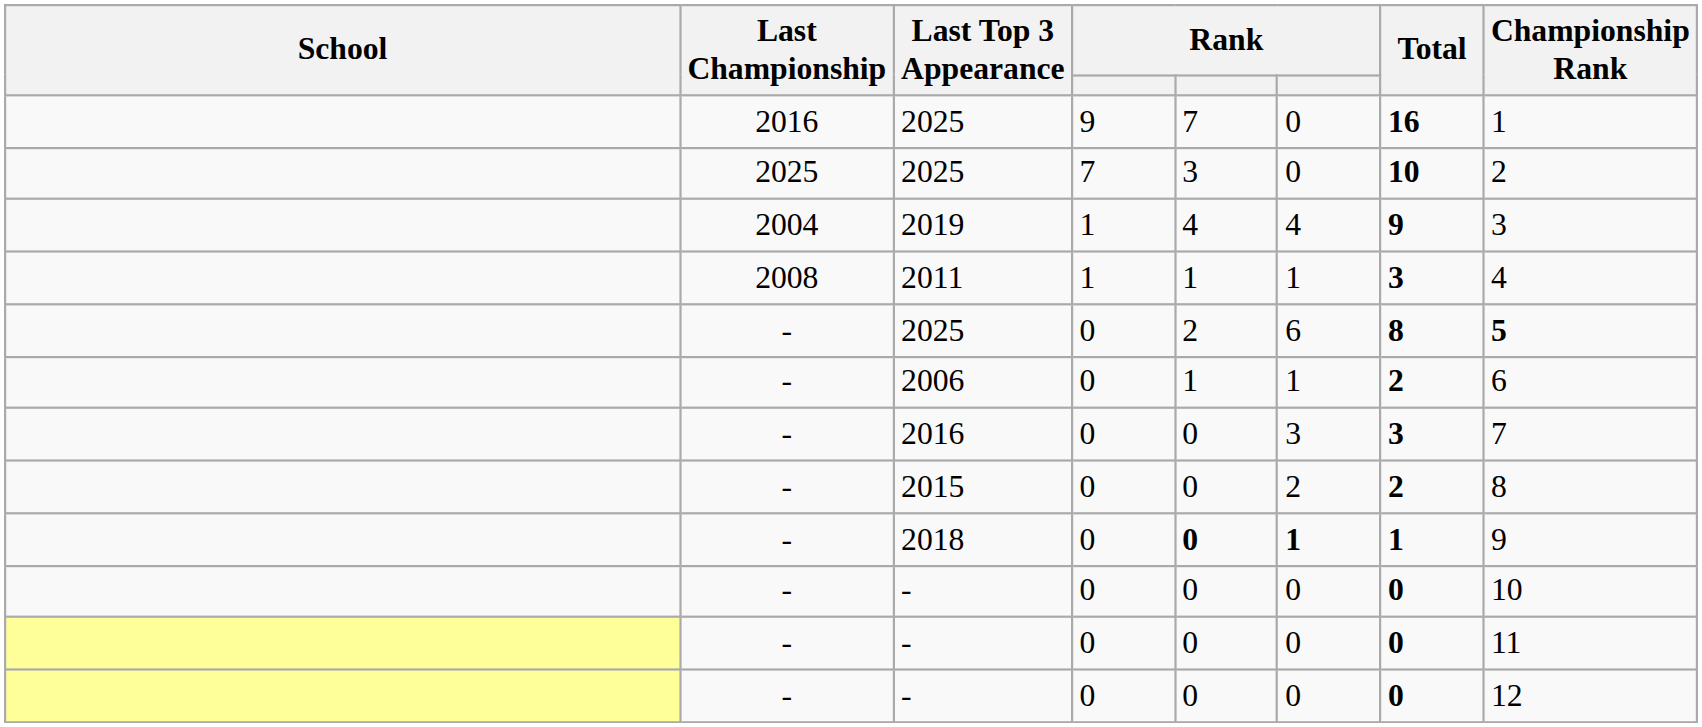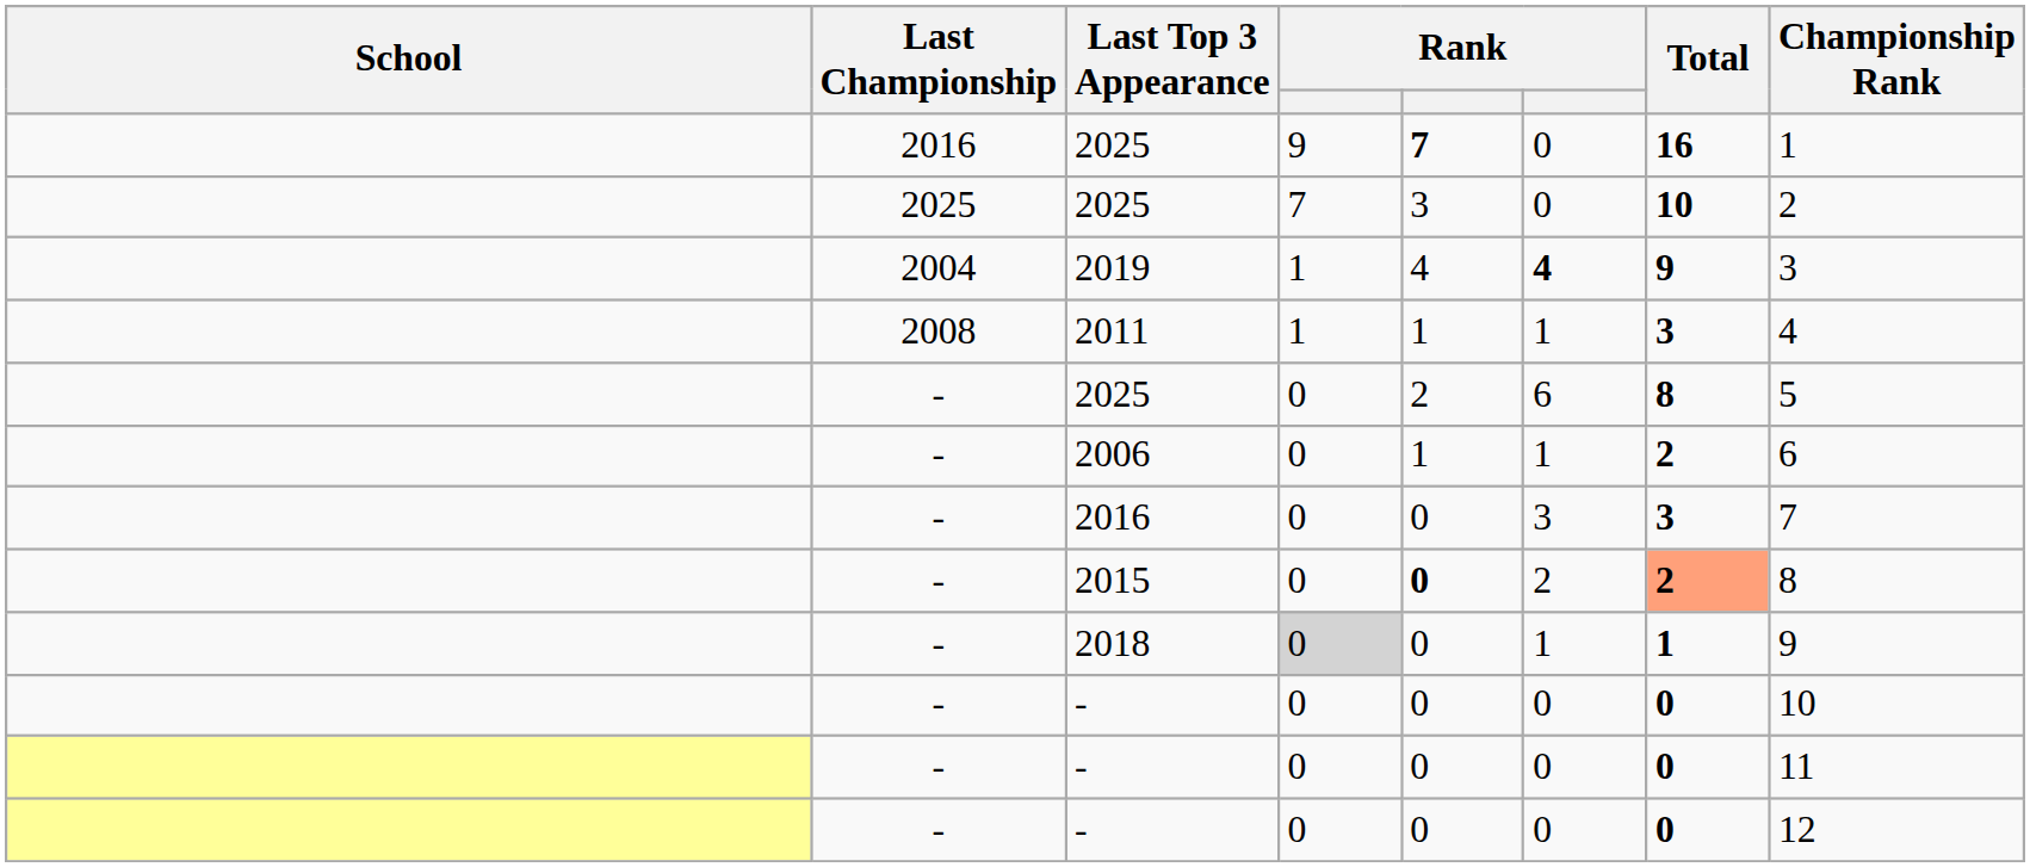 <table class="wikitable sortable" style="text align:center; font-size:90%;">
 <tr bgcolor="#efefef">
 <th rowspan=2 width=300px>School</th>
 <th rowspan=2>Last<br>Championship</th>
 <th rowspan=2>Last Top 3<br>Appearance</th>
 <th colspan=3>Rank</th>
 <th rowspan=2 width=40px>Total</th>
 <th rowspan=2 width=40px>Championship Rank</th>
 </tr>
 <tr>
 <th width=40px></th>
 <th width=40px></th>
 <th width=40px></th>
 </tr>
 <tr>
 <td><strong></strong></td>
 <td align="center">2016</td>
 <td>2025</td>
 <td>9</td>
-<td>7</td>
+<td><strong>7</strong></td>
 <td>0</td>
 <td><strong>16</strong></td>
 <td>1</td>
 </tr>
 <tr>
 <td><strong></strong></td>
 <td align="center">2025</td>
 <td>2025</td>
 <td>7</td>
 <td>3</td>
 <td>0</td>
 <td><strong>10</strong></td>
 <td>2</td>
 </tr>
 <tr>
 <td><strong></strong></td>
 <td align="center">2004</td>
 <td>2019</td>
 <td>1</td>
 <td>4</td>
-<td>4</td>
+<td><strong>4</strong></td>
 <td><strong>9</strong></td>
 <td>3</td>
 </tr>
 <tr>
 <td><strong></strong></td>
 <td align="center">2008</td>
 <td>2011</td>
 <td>1</td>
 <td>1</td>
 <td>1</td>
 <td><strong>3</strong></td>
 <td>4</td>
 </tr>
 <tr>
 <td><strong></strong></td>
 <td align="center">-</td>
 <td>2025</td>
 <td>0</td>
 <td>2</td>
 <td>6</td>
 <td><strong>8</strong></td>
-<td><strong>5</strong></td>
+<td>5</td>
 </tr>
 <tr>
 <td><strong></strong></td>
 <td align="center">-</td>
 <td>2006</td>
 <td>0</td>
 <td>1</td>
 <td>1</td>
 <td><strong>2</strong></td>
 <td>6</td>
 </tr>
 <tr>
 <td><strong></strong></td>
 <td align="center">-</td>
 <td>2016</td>
 <td>0</td>
 <td>0</td>
 <td>3</td>
 <td><strong>3</strong></td>
 <td>7</td>
 </tr>
 <tr>
 <td><strong></strong></td>
 <td align="center">-</td>
 <td>2015</td>
 <td>0</td>
-<td>0</td>
+<td><strong>0</strong></td>
 <td>2</td>
-<td><strong>2</strong></td>
+<td style="background: lightsalmon;"><strong>2</strong></td>
 <td>8</td>
 </tr>
 <tr>
 <td><strong></strong></td>
 <td align="center">-</td>
 <td>2018</td>
+<td style="background: lightgrey;">0</td>
 <td>0</td>
-<td><strong>0</strong></td>
-<td><strong>1</strong></td>
+<td>1</td>
 <td><strong>1</strong></td>
 <td>9</td>
 </tr>
 <tr>
 <td><strong></strong></td>
 <td align="center">-</td>
 <td>-</td>
 <td>0</td>
 <td>0</td>
 <td>0</td>
 <td><strong>0</strong></td>
 <td>10</td>
 </tr>
 <tr>
 <td bgcolor="#FFFF99"><strong></strong></td>
 <td align="center">-</td>
 <td>-</td>
 <td>0</td>
 <td>0</td>
 <td>0</td>
 <td><strong>0</strong></td>
 <td>11</td>
 </tr>
 <tr>
 <td bgcolor="#FFFF99"><strong></strong></td>
 <td align="center">-</td>
 <td>-</td>
 <td>0</td>
 <td>0</td>
 <td>0</td>
 <td><strong>0</strong></td>
 <td>12</td>
 </tr>
 </table>
